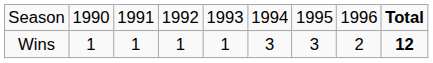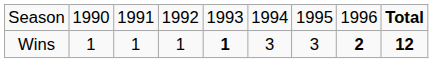 <table class="wikitable sortable">
 <tr>
 <td>Season</td>
 <td>1990</td>
 <td>1991</td>
 <td>1992</td>
 <td>1993</td>
 <td>1994</td>
 <td>1995</td>
 <td>1996</td>
 <td><strong>Total</strong></td>
 </tr>
 <tr align="center">
 <td>Wins</td>
 <td>1</td>
 <td>1</td>
 <td>1</td>
-<td>1</td>
+<td><strong>1</strong></td>
 <td>3</td>
 <td>3</td>
-<td>2</td>
+<td><strong>2</strong></td>
 <td><strong>12</strong></td>
 </tr>
 </table>
